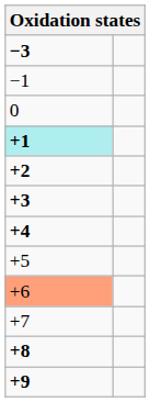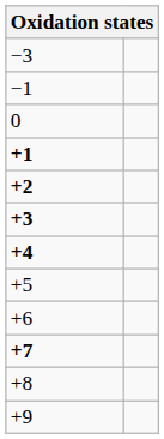 <table class="wikitable" style="float:right;margin:1em">
 <tr>
 <th colspan=2>Oxidation states</th>
 </tr>
 <tr>
-<td><strong>−3</strong></td>
+<td>−3</td>
 <td></td>
 </tr>
 <tr>
 <td>−1</td>
 <td></td>
 </tr>
 <tr>
 <td>0</td>
 <td></td>
 </tr>
 <tr>
-<td style="background: paleturquoise;"><strong>+1</strong></td>
+<td><strong>+1</strong></td>
 <td></td>
 </tr>
 <tr>
 <td><strong>+2</strong></td>
 <td></td>
 </tr>
 <tr>
 <td><strong>+3</strong></td>
 <td></td>
 </tr>
 <tr>
 <td><strong>+4</strong></td>
 <td></td>
 </tr>
 <tr>
 <td>+5</td>
 <td></td>
 </tr>
 <tr>
-<td style="background: lightsalmon;">+6</td>
+<td>+6</td>
 <td></td>
 </tr>
 <tr>
-<td>+7</td>
+<td><strong>+7</strong></td>
 <td></td>
 </tr>
 <tr>
-<td><strong>+8</strong></td>
+<td>+8</td>
 <td></td>
 </tr>
 <tr>
-<td><strong>+9</strong></td>
+<td>+9</td>
 <td></td>
 </tr>
 </table>
